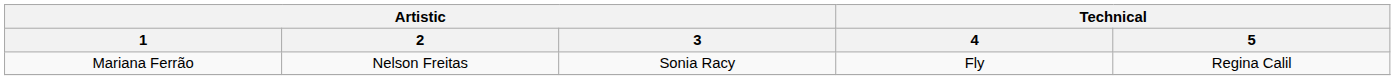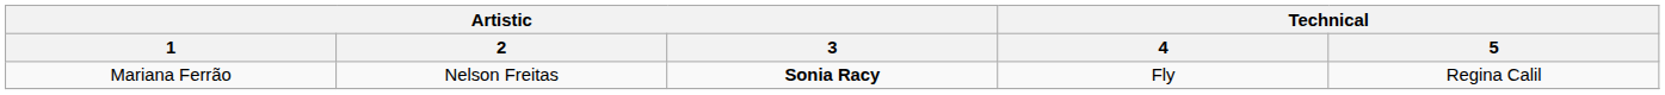 <table class="wikitable" style="font-size:90%; line-height:16px; text-align:center" width="85%">
 <tr>
 <th colspan=3>Artistic</th>
 <th colspan=2>Technical</th>
 </tr>
 <tr>
 <th>1</th>
 <th>2</th>
 <th>3</th>
 <th>4</th>
 <th>5</th>
 </tr>
 <tr>
 <td width=150>Mariana Ferrão</td>
 <td width=150>Nelson Freitas</td>
-<td width=150>Sonia Racy</td>
+<td width=150><strong>Sonia Racy</strong></td>
 <td width=150>Fly</td>
 <td width=150>Regina Calil</td>
 </tr>
 <tr>
 </tr>
 </table>
